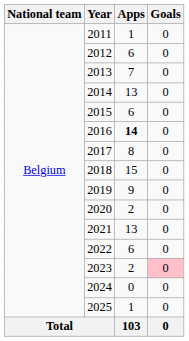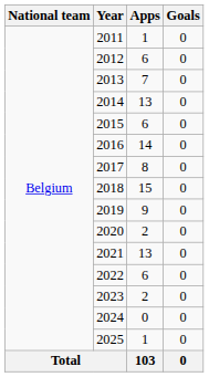 <table class="wikitable" style="text-align: center;">
 <tr>
 <th>National team</th>
 <th>Year</th>
 <th>Apps</th>
 <th>Goals</th>
 </tr>
 <tr>
 <td rowspan="15"><a href='#'>Belgium</a></td>
 <td>2011</td>
 <td>1</td>
 <td>0</td>
 </tr>
 <tr>
 <td>2012</td>
 <td>6</td>
 <td>0</td>
 </tr>
 <tr>
 <td>2013</td>
 <td>7</td>
 <td>0</td>
 </tr>
 <tr>
 <td>2014</td>
 <td>13</td>
 <td>0</td>
 </tr>
 <tr>
 <td>2015</td>
 <td>6</td>
 <td>0</td>
 </tr>
 <tr>
 <td>2016</td>
-<td><strong>14</strong></td>
+<td>14</td>
 <td>0</td>
 </tr>
 <tr>
 <td>2017</td>
 <td>8</td>
 <td>0</td>
 </tr>
 <tr>
 <td>2018</td>
 <td>15</td>
 <td>0</td>
 </tr>
 <tr>
 <td>2019</td>
 <td>9</td>
 <td>0</td>
 </tr>
 <tr>
 <td>2020</td>
 <td>2</td>
 <td>0</td>
 </tr>
 <tr>
 <td>2021</td>
 <td>13</td>
 <td>0</td>
 </tr>
 <tr>
 <td>2022</td>
 <td>6</td>
 <td>0</td>
 </tr>
 <tr>
 <td>2023</td>
 <td>2</td>
-<td style="background: pink;">0</td>
+<td>0</td>
 </tr>
 <tr>
 <td>2024</td>
 <td>0</td>
 <td>0</td>
 </tr>
 <tr>
 <td>2025</td>
 <td>1</td>
 <td>0</td>
 </tr>
 <tr>
 <th colspan="2">Total</th>
 <th>103</th>
 <th>0</th>
 </tr>
 </table>
